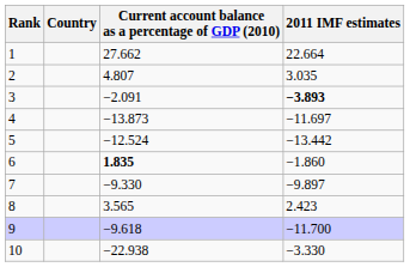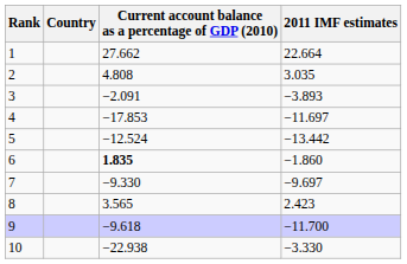 <table class="wikitable sortable" style="margin-left:100px;margin-center:auto">
 <tr>
 <th style="width:2em;">Rank</th>
 <th>Country</th>
 <th>Current account balance<br> as a percentage of <a href='#'>GDP</a> (2010)</th>
 <th>2011 IMF estimates</th>
 </tr>
 <tr>
 <td>1</td>
 <td></td>
 <td>27.662</td>
 <td>22.664</td>
 </tr>
 <tr>
 <td>2</td>
 <td></td>
-<td>4.807</td>
+<td>4.808</td>
 <td>3.035</td>
 </tr>
 <tr>
 <td>3</td>
 <td></td>
 <td>−2.091</td>
-<td><strong>−3.893</strong></td>
+<td>−3.893</td>
 </tr>
 <tr>
 <td>4</td>
 <td></td>
-<td>−13.873</td>
+<td>−17.853</td>
 <td>−11.697</td>
 </tr>
 <tr>
 <td>5</td>
 <td></td>
 <td>−12.524</td>
 <td>−13.442</td>
 </tr>
 <tr>
 <td>6</td>
 <td></td>
 <td><strong>1.835</strong></td>
 <td>−1.860</td>
 </tr>
 <tr>
 <td>7</td>
 <td></td>
 <td>−9.330</td>
-<td>−9.897</td>
+<td>−9.697</td>
 </tr>
 <tr>
 <td>8</td>
 <td></td>
 <td>3.565</td>
 <td>2.423</td>
 </tr>
 <tr style="background:#ccf;">
 <td>9</td>
 <td></td>
 <td>−9.618</td>
 <td>−11.700</td>
 </tr>
 <tr>
 <td>10</td>
 <td></td>
 <td>−22.938</td>
 <td>−3.330</td>
 </tr>
 </table>
